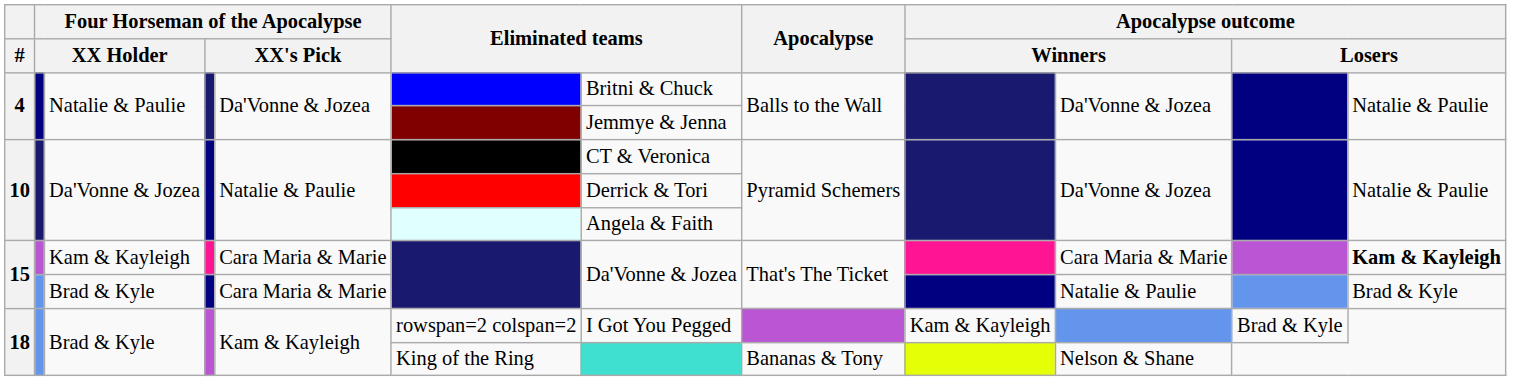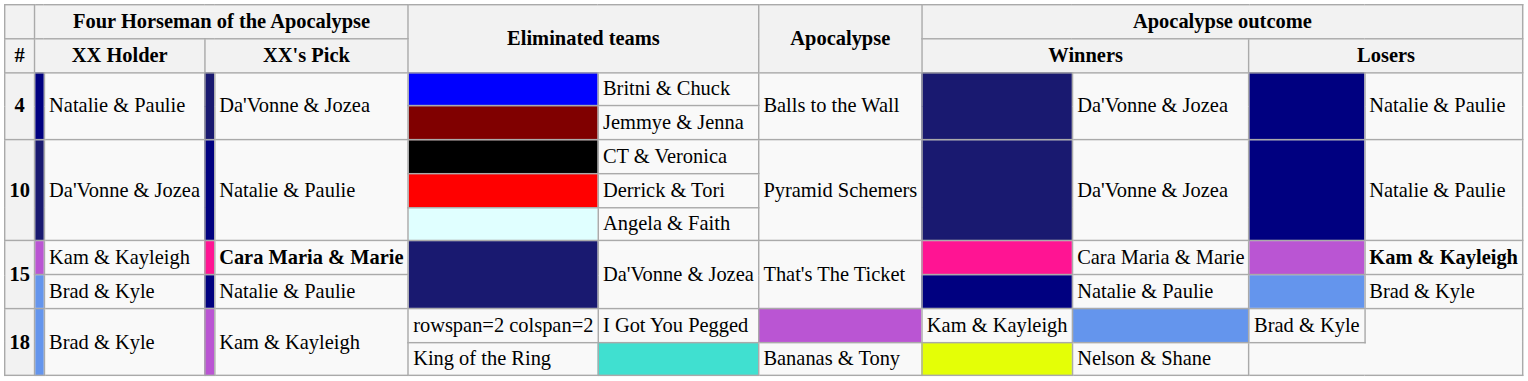 <table class="wikitable" style="font-size:90%">
 <tr>
 <th></th>
 <th colspan=4>Four Horseman of the Apocalypse</th>
 <th colspan=2 rowspan=2>Eliminated teams</th>
 <th rowspan=2>Apocalypse</th>
 <th colspan=4>Apocalypse outcome</th>
 </tr>
 <tr>
 <th>#</th>
 <th colspan=2>XX Holder</th>
 <th colspan=2>XX's Pick</th>
 <th colspan=2>Winners</th>
 <th colspan=2>Losers</th>
 </tr>
 <tr>
 <th rowspan=2>4</th>
 <td rowspan=2 bgcolor="navy"></td>
 <td rowspan=2>Natalie & Paulie</td>
 <td rowspan=2 bgcolor="midnightblue"></td>
 <td rowspan=2>Da'Vonne & Jozea</td>
 <td bgcolor="blue"></td>
 <td>Britni & Chuck</td>
 <td rowspan=2>Balls to the Wall</td>
 <td rowspan=2 bgcolor="midnightblue"></td>
 <td rowspan=2>Da'Vonne & Jozea</td>
 <td rowspan=2 bgcolor="navy"></td>
 <td rowspan=2>Natalie & Paulie</td>
 </tr>
 <tr>
 <td bgcolor="maroon"></td>
 <td>Jemmye & Jenna</td>
 </tr>
 <tr>
 <th rowspan=3>10</th>
 <td rowspan=3 bgcolor="midnightblue"></td>
 <td rowspan=3>Da'Vonne & Jozea</td>
 <td rowspan=3 bgcolor="navy"></td>
 <td rowspan=3>Natalie & Paulie</td>
 <td bgcolor="black"></td>
 <td>CT & Veronica</td>
 <td rowspan=3>Pyramid Schemers</td>
 <td rowspan=3 bgcolor="midnightblue"></td>
 <td rowspan=3>Da'Vonne & Jozea</td>
 <td rowspan=3 bgcolor="navy"></td>
 <td rowspan=3>Natalie & Paulie</td>
 </tr>
 <tr>
 <td bgcolor="red"></td>
 <td>Derrick & Tori</td>
 </tr>
 <tr>
 <td bgcolor="lightcyan"></td>
 <td>Angela & Faith</td>
 </tr>
 <tr>
 <th rowspan=2>15</th>
 <td bgcolor="mediumorchid"></td>
 <td>Kam & Kayleigh</td>
 <td bgcolor="deeppink"></td>
-<td>Cara Maria & Marie</td>
+<td><strong>Cara Maria & Marie</strong></td>
 <td rowspan=2 bgcolor="midnightblue"></td>
 <td rowspan=2>Da'Vonne & Jozea</td>
 <td rowspan=2>That's The Ticket</td>
 <td bgcolor="deeppink"></td>
 <td>Cara Maria & Marie</td>
 <td bgcolor="mediumorchid"></td>
 <td><strong>Kam & Kayleigh</strong></td>
 </tr>
 <tr>
 <td bgcolor="cornflowerblue"></td>
 <td>Brad & Kyle</td>
 <td bgcolor="navy"></td>
-<td>Cara Maria & Marie</td>
+<td>Natalie & Paulie</td>
 <td bgcolor="navy"></td>
 <td>Natalie & Paulie</td>
 <td bgcolor="cornflowerblue"></td>
 <td>Brad & Kyle</td>
 </tr>
 <tr>
 <th rowspan=2>18</th>
 <td rowspan=2 bgcolor="cornflowerblue"></td>
 <td rowspan=2>Brad & Kyle</td>
 <td rowspan=2 bgcolor="mediumorchid"></td>
 <td rowspan=2>Kam & Kayleigh</td>
 <td>rowspan=2 colspan=2  </td>
 <td>I Got You Pegged</td>
 <td bgcolor="mediumorchid"></td>
 <td>Kam & Kayleigh</td>
 <td bgcolor="cornflowerblue"></td>
 <td>Brad & Kyle</td>
 </tr>
 <tr>
 <td>King of the Ring</td>
 <td bgcolor="turquoise"></td>
 <td>Bananas & Tony</td>
 <td Style="background:#e4ff06"></td>
 <td>Nelson & Shane</td>
 </tr>
 </table>
